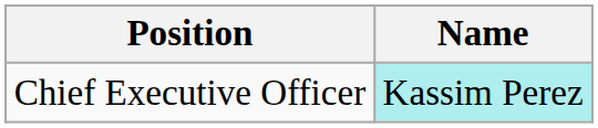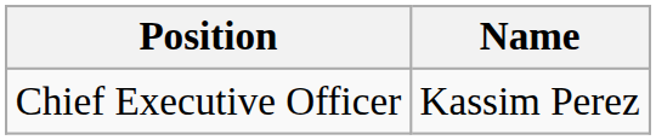 <table class="wikitable">
 <tr>
 <th>Position</th>
 <th>Name</th>
 </tr>
 <tr>
 <td>Chief Executive Officer</td>
-<td style="background: paleturquoise;">Kassim Perez</td>
+<td>Kassim Perez</td>
 </tr>
 </table>
